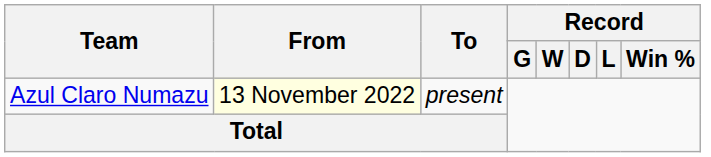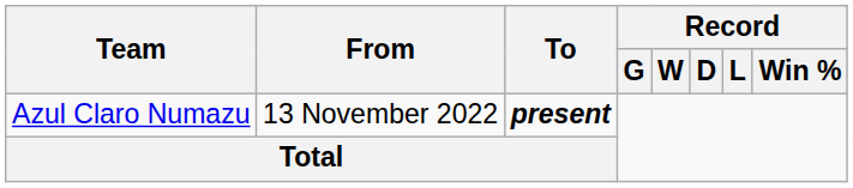 <table class="wikitable" style="text-align: center">
 <tr>
 <th rowspan="2">Team</th>
 <th rowspan="2">From</th>
 <th rowspan="2">To</th>
 <th colspan="5">Record</th>
 </tr>
 <tr>
 <th>G</th>
 <th>W</th>
 <th>D</th>
 <th>L</th>
 <th>Win %</th>
 </tr>
 <tr>
 <td align="left"><a href='#'>Azul Claro Numazu</a></td>
-<td align="left" style="background: lightyellow;">13 November 2022</td>
-<td align="left"><em>present</em><br></td>
+<td align="left">13 November 2022</td>
+<td align="left"><strong><em>present</em><br></strong></td>
 </tr>
 <tr>
 <th colspan="3">Total<br></th>
 </tr>
 </table>
